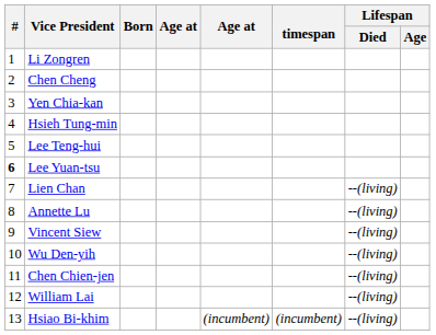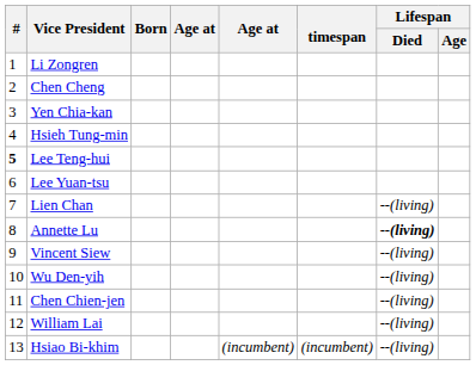 <table class="sortable wikitable">
 <tr>
 <th rowspan=2><abbr>#</abbr></th>
 <th rowspan=2>Vice President</th>
 <th rowspan=2>Born</th>
 <th rowspan=2>Age at<br></th>
 <th rowspan=2>Age at<br></th>
 <th rowspan=2><br>timespan</th>
 <th colspan=2>Lifespan</th>
 </tr>
 <tr>
 <th>Died</th>
 <th>Age</th>
 </tr>
 <tr style="text-align: left; background:#FFFFFF">
 <td>1</td>
 <td data-sort-value="Li Zongren"><a href='#'>Li Zongren</a></td>
 <td></td>
 <td><br></td>
 <td><br></td>
 <td></td>
 <td></td>
 <td></td>
 </tr>
 <tr style="text-align: left; background:#FFFFFF">
 <td>2</td>
 <td data-sort-value="Chen Cheng"><a href='#'>Chen Cheng</a></td>
 <td></td>
 <td><br></td>
 <td><br></td>
 <td></td>
 <td></td>
 <td></td>
 </tr>
 <tr style="text-align: left; background:#FFFFFF">
 <td>3</td>
 <td data-sort-value="Yen"><a href='#'>Yen Chia-kan</a></td>
 <td></td>
 <td><br></td>
 <td><br></td>
 <td></td>
 <td></td>
 <td></td>
 </tr>
 <tr style="text-align: left; background:#FFFFFF">
 <td>4</td>
 <td data-sort-value="Hsieh"><a href='#'>Hsieh Tung-min</a></td>
 <td></td>
 <td><br></td>
 <td><br></td>
 <td></td>
 <td></td>
 <td></td>
 </tr>
 <tr style="text-align: left; background:#FFFFFF">
-<td>5</td>
+<td><strong>5</strong></td>
 <td data-sort-value="Lee Teng-hui"><a href='#'>Lee Teng-hui</a></td>
 <td></td>
 <td><br></td>
 <td><br></td>
 <td></td>
 <td></td>
 <td></td>
 </tr>
 <tr style="text-align: left; background:#FFFFFF">
-<td><strong>6</strong></td>
+<td>6</td>
 <td data-sort-value="Lee Yuan-tsu"><a href='#'>Lee Yuan-tsu</a></td>
 <td></td>
 <td><br></td>
 <td><br></td>
 <td></td>
 <td></td>
 <td></td>
 </tr>
 <tr style="text-align: left; background:#FFFFFF">
 <td>7</td>
 <td data-sort-value="Lien"><a href='#'>Lien Chan</a></td>
 <td></td>
 <td><br></td>
 <td><br></td>
 <td><em></em></td>
 <td><span>--</span><em>(living)</em></td>
 <td><em></em></td>
 </tr>
 <tr style="text-align: left; background:#FFFFFF">
 <td>8</td>
 <td data-sort-value="Lu"><a href='#'>Annette Lu</a></td>
 <td></td>
 <td><br></td>
 <td><br></td>
 <td><em></em></td>
-<td><span>--</span><em>(living)</em></td>
+<td><strong><span>--</span><em>(living)</em></strong></td>
 <td><em></em></td>
 </tr>
 <tr style="text-align: left; background:#FFFFFF">
 <td>9</td>
 <td data-sort-value="Siew"><a href='#'>Vincent Siew</a></td>
 <td></td>
 <td><br></td>
 <td><br></td>
 <td><em></em></td>
 <td><span>--</span><em>(living)</em></td>
 <td><em></em></td>
 </tr>
 <tr style="text-align: left; background:#FFFFFF">
 <td>10</td>
 <td data-sort-value="Wu"><a href='#'>Wu Den-yih</a></td>
 <td></td>
 <td><br></td>
 <td><br></td>
 <td><em></em></td>
 <td><span>--</span><em>(living)</em></td>
 <td><em></em></td>
 </tr>
 <tr style="text-align: left; background:#FFFFFF">
 <td>11</td>
 <td data-sort-value="Chen Chien-jen"><a href='#'>Chen Chien-jen</a></td>
 <td></td>
 <td><br></td>
 <td><br></td>
 <td><em></em></td>
 <td><span>--</span><em>(living)</em></td>
 <td><em></em></td>
 </tr>
 <tr style="text-align: left; background:#FFFFFF">
 <td>12</td>
 <td data-sort-value="Lai"><a href='#'>William Lai</a></td>
 <td></td>
 <td><br></td>
 <td><br></td>
 <td><em></em></td>
 <td><span>--</span><em>(living)</em></td>
 <td><em></em></td>
 </tr>
 <tr style="text-align: left; background:#FFFFFF">
 <td>13</td>
 <td data-sort-value="Hsiao"><a href='#'>Hsiao Bi-khim</a></td>
 <td></td>
 <td><br></td>
 <td><span></span><em>(incumbent)</em></td>
 <td><em>(incumbent)</em></td>
 <td><span>--</span><em>(living)</em></td>
 <td><em></em></td>
 </tr>
 </table>
